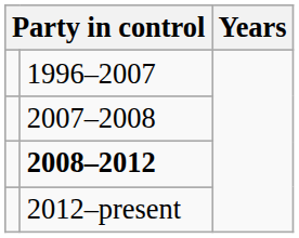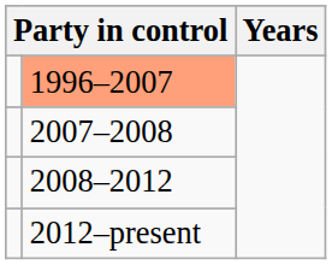 <table class="wikitable">
 <tr>
 <th colspan="2">Party in control</th>
 <th>Years</th>
 </tr>
 <tr>
 <td></td>
-<td>1996–2007</td>
+<td style="background: lightsalmon;">1996–2007</td>
 </tr>
 <tr>
 <td></td>
 <td>2007–2008</td>
 </tr>
 <tr>
 <td></td>
-<td><strong>2008–2012</strong></td>
+<td>2008–2012</td>
 </tr>
 <tr>
 <td></td>
 <td>2012–present</td>
 </tr>
 </table>
